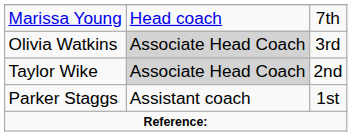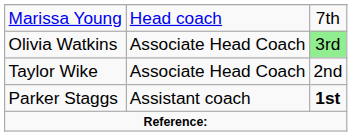 <table class="wikitable" style="font-size:93%;">
 <tr>
 </tr>
 <tr>
 <td><a href='#'>Marissa Young</a></td>
 <td><a href='#'>Head coach</a></td>
 <td align=center>7th</td>
 </tr>
 <tr>
 <td>Olivia Watkins</td>
-<td style="background: lightgrey;">Associate Head Coach</td>
-<td align=center>3rd</td>
+<td>Associate Head Coach</td>
+<td align=center style="background: lightgreen;">3rd</td>
 </tr>
 <tr>
 <td>Taylor Wike</td>
-<td style="background: lightgrey;">Associate Head Coach</td>
+<td>Associate Head Coach</td>
 <td align=center>2nd</td>
 </tr>
 <tr>
 <td>Parker Staggs</td>
 <td>Assistant coach</td>
-<td align=center>1st</td>
+<td align=center><strong>1st</strong></td>
 </tr>
 <tr>
 <td colspan="4"  style="font-size:8pt; text-align:center;"><strong>Reference:</strong></td>
 </tr>
 </table>
